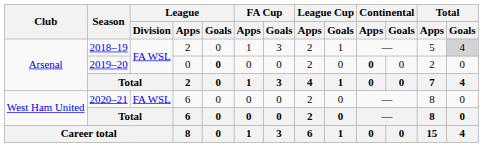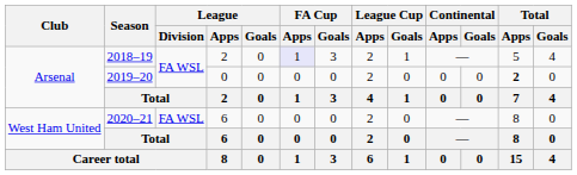 <table class="wikitable" style="text-align:center">
 <tr>
 <th rowspan="2">Club</th>
 <th rowspan="2">Season</th>
 <th colspan="3">League</th>
 <th colspan="2">FA Cup</th>
 <th colspan="2">League Cup</th>
 <th colspan="2">Continental</th>
 <th colspan="2">Total</th>
 </tr>
 <tr>
 <th>Division</th>
 <th>Apps</th>
 <th>Goals</th>
 <th>Apps</th>
 <th>Goals</th>
 <th>Apps</th>
 <th>Goals</th>
 <th>Apps</th>
 <th>Goals</th>
 <th>Apps</th>
 <th>Goals</th>
 </tr>
 <tr>
 <td rowspan="3"><a href='#'>Arsenal</a></td>
 <td><a href='#'>2018–19</a></td>
 <td rowspan="2"><a href='#'>FA WSL</a></td>
 <td>2</td>
 <td>0</td>
-<td>1</td>
+<td style="background: lavender;">1</td>
 <td>3</td>
 <td>2</td>
 <td>1</td>
 <td colspan="2">—</td>
 <td>5</td>
-<td style="background: lightgrey;">4</td>
+<td>4</td>
 </tr>
 <tr>
 <td><a href='#'>2019–20</a></td>
 <td>0</td>
-<td><strong>0</strong></td>
+<td>0</td>
 <td>0</td>
 <td>0</td>
 <td>2</td>
 <td>0</td>
-<td><strong>0</strong></td>
 <td>0</td>
-<td>2</td>
+<td>0</td>
+<td><strong>2</strong></td>
 <td>0</td>
 </tr>
 <tr>
 <th colspan="2">Total</th>
 <th>2</th>
 <th>0</th>
 <th>1</th>
 <th>3</th>
 <th>4</th>
 <th>1</th>
 <th>0</th>
 <th>0</th>
 <th>7</th>
 <th>4</th>
 </tr>
 <tr>
 <td rowspan="2"><a href='#'>West Ham United</a></td>
 <td><a href='#'>2020–21</a></td>
 <td><a href='#'>FA WSL</a></td>
 <td>6</td>
 <td>0</td>
 <td>0</td>
 <td>0</td>
 <td>2</td>
 <td>0</td>
 <td colspan="2">—</td>
 <td>8</td>
 <td>0</td>
 </tr>
 <tr>
 <th colspan="2">Total</th>
 <th>6</th>
 <th>0</th>
 <th>0</th>
 <th>0</th>
 <th>2</th>
 <th>0</th>
 <th colspan="2">—</th>
 <th>8</th>
 <th>0</th>
 </tr>
 <tr>
 <th colspan="3">Career total</th>
 <th>8</th>
 <th>0</th>
 <th>1</th>
 <th>3</th>
 <th>6</th>
 <th>1</th>
 <th>0</th>
 <th>0</th>
 <th>15</th>
 <th>4</th>
 </tr>
 </table>
